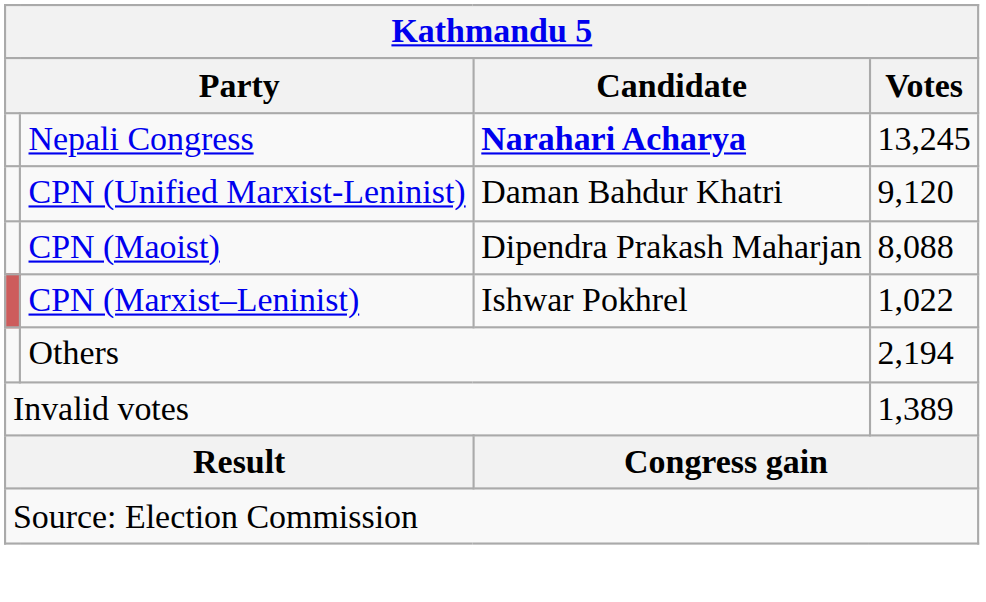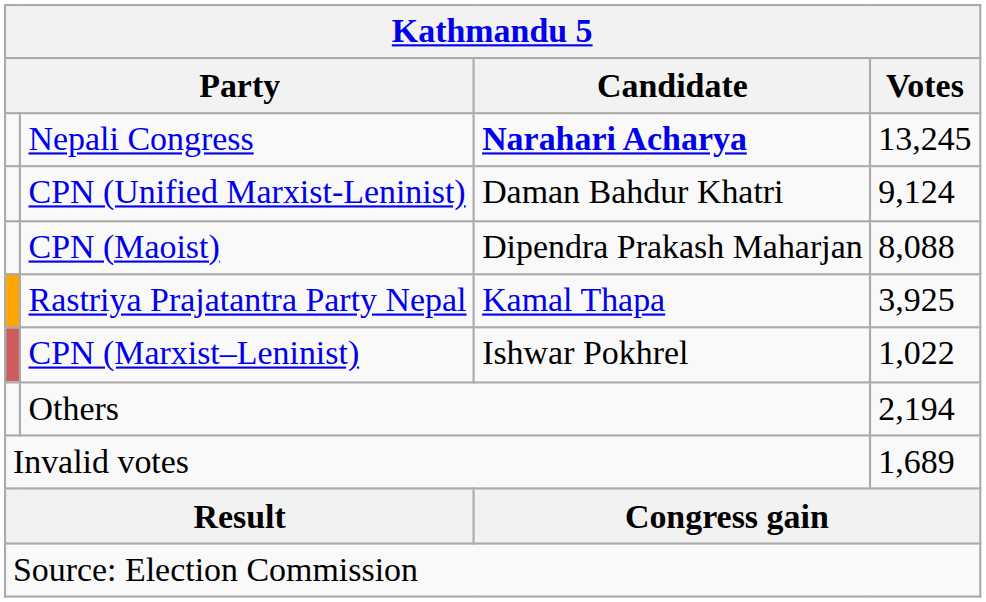 <table class="wikitable">
 <tr>
 <th colspan="4"><a href='#'>Kathmandu 5</a></th>
 </tr>
 <tr>
 <th colspan="2">Party</th>
 <th>Candidate</th>
 <th>Votes</th>
 </tr>
 <tr>
 <td style="background-color:"></td>
 <td><a href='#'>Nepali Congress</a></td>
 <td><strong><a href='#'>Narahari Acharya</a></strong></td>
 <td>13,245</td>
 </tr>
 <tr>
 <td style="background-color:"></td>
 <td><a href='#'>CPN (Unified Marxist-Leninist)</a></td>
 <td>Daman Bahdur Khatri</td>
-<td>9,120</td>
+<td>9,124</td>
 </tr>
 <tr>
 <td style="background-color:"></td>
 <td><a href='#'>CPN (Maoist)</a></td>
 <td>Dipendra Prakash Maharjan</td>
 <td>8,088</td>
+</tr>
+<tr>
+<td style="background-color:orange"></td>
+<td><a href='#'>Rastriya Prajatantra Party Nepal</a></td>
+<td><a href='#'>Kamal Thapa</a></td>
+<td>3,925</td>
 </tr>
 <tr>
 <td style="background-color:indianred"></td>
 <td><a href='#'>CPN (Marxist–Leninist)</a></td>
 <td>Ishwar Pokhrel</td>
 <td>1,022</td>
 </tr>
 <tr>
 <td></td>
 <td colspan="2">Others</td>
 <td>2,194</td>
 </tr>
 <tr>
 <td colspan="3">Invalid votes</td>
-<td>1,389</td>
+<td>1,689</td>
 </tr>
 <tr>
 <th colspan="2">Result</th>
 <th colspan="2">Congress gain</th>
 </tr>
 <tr>
 <td colspan="4">Source: Election Commission</td>
 </tr>
 </table>
